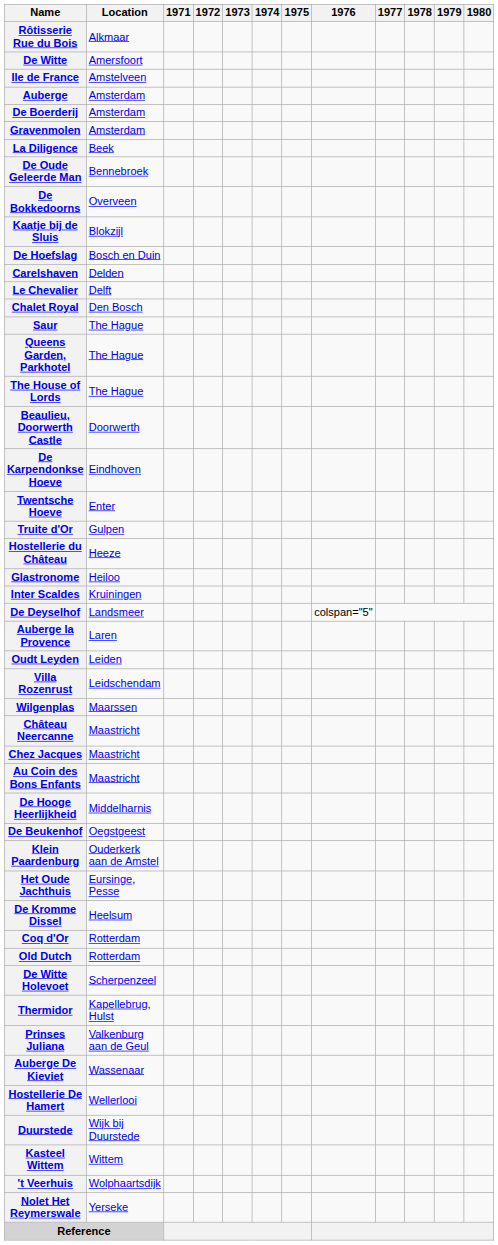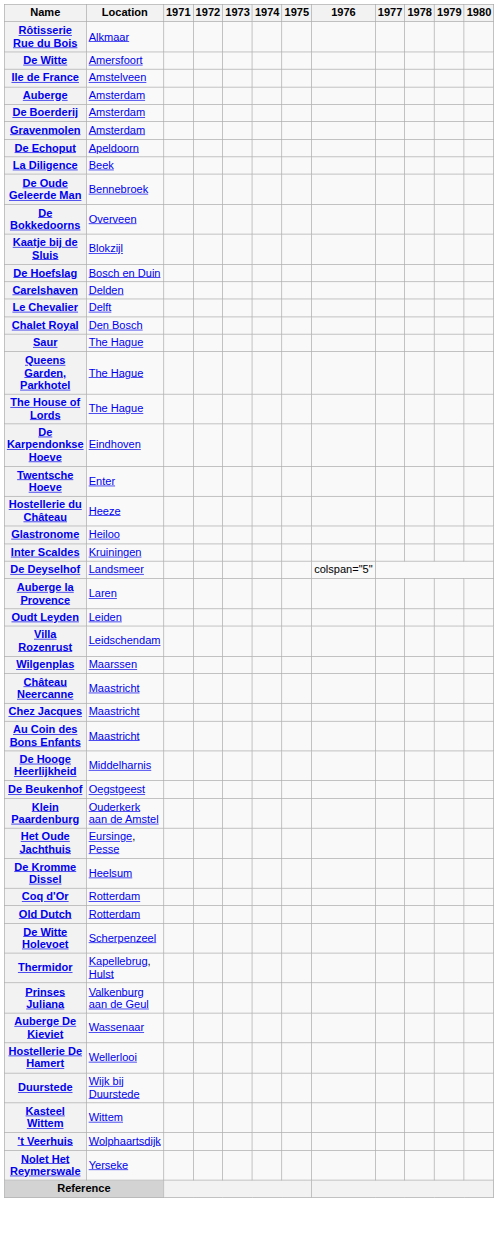 <table class="wikitable sortable plainrowheaders" style="text-align:left;"">
 <tr>
 <th scope="col">Name</th>
 <th scope="col">Location</th>
 <th scope="col">1971</th>
 <th scope="col">1972</th>
 <th scope="col">1973</th>
 <th scope="col">1974</th>
 <th scope="col">1975</th>
 <th scope="col">1976</th>
 <th scope="col">1977</th>
 <th scope="col">1978</th>
 <th scope="col">1979</th>
 <th scope="col">1980</th>
 </tr>
 <tr>
 <th scope="row"><a href='#'>Rôtisserie Rue du Bois</a></th>
 <td><a href='#'>Alkmaar</a></td>
 <td></td>
 <td></td>
 <td></td>
 <td></td>
 <td></td>
 <td></td>
 <td></td>
 <td></td>
 <td></td>
 <td></td>
 </tr>
 <tr>
 <th scope="row"><a href='#'>De Witte</a></th>
 <td><a href='#'>Amersfoort</a></td>
 <td></td>
 <td></td>
 <td></td>
 <td></td>
 <td></td>
 <td></td>
 <td></td>
 <td></td>
 <td></td>
 <td></td>
 </tr>
 <tr>
 <th scope="row"><a href='#'>Ile de France</a></th>
 <td><a href='#'>Amstelveen</a></td>
 <td></td>
 <td></td>
 <td></td>
 <td></td>
 <td></td>
 <td></td>
 <td></td>
 <td></td>
 <td></td>
 <td></td>
 </tr>
 <tr>
 <th scope="row"><a href='#'>Auberge</a></th>
 <td><a href='#'>Amsterdam</a></td>
 <td></td>
 <td></td>
 <td></td>
 <td></td>
 <td></td>
 <td></td>
 <td></td>
 <td></td>
 <td></td>
 <td></td>
 </tr>
 <tr>
 <th scope="row"><a href='#'>De Boerderij</a></th>
 <td><a href='#'>Amsterdam</a></td>
 <td></td>
 <td></td>
 <td></td>
 <td></td>
 <td></td>
 <td></td>
 <td></td>
 <td></td>
 <td></td>
 <td></td>
 </tr>
 <tr>
 <th scope="row"><a href='#'>Gravenmolen</a></th>
 <td><a href='#'>Amsterdam</a></td>
+<td></td>
+<td></td>
+<td></td>
+<td></td>
+<td></td>
+<td></td>
+<td></td>
+<td></td>
+<td></td>
+<td></td>
+</tr>
+<tr>
+<th scope="row"><a href='#'>De Echoput</a></th>
+<td><a href='#'>Apeldoorn</a></td>
 <td></td>
 <td></td>
 <td></td>
 <td></td>
 <td></td>
 <td></td>
 <td></td>
 <td></td>
 <td></td>
 <td></td>
 </tr>
 <tr>
 <th scope="row"><a href='#'>La Diligence</a></th>
 <td><a href='#'>Beek</a></td>
 <td></td>
 <td></td>
 <td></td>
 <td></td>
 <td></td>
 <td></td>
 <td></td>
 <td></td>
 <td></td>
 <td></td>
 </tr>
 <tr>
 <th scope="row"><a href='#'>De Oude Geleerde Man</a></th>
 <td><a href='#'>Bennebroek</a></td>
 <td></td>
 <td></td>
 <td></td>
 <td></td>
 <td></td>
 <td></td>
 <td></td>
 <td></td>
 <td></td>
 <td></td>
 </tr>
 <tr>
 <th scope="row"><a href='#'>De Bokkedoorns</a></th>
 <td><a href='#'>Overveen</a></td>
 <td></td>
 <td></td>
 <td></td>
 <td></td>
 <td></td>
 <td></td>
 <td></td>
 <td></td>
 <td></td>
 <td></td>
 </tr>
 <tr>
 <th scope="row"><a href='#'>Kaatje bij de Sluis</a></th>
 <td><a href='#'>Blokzijl</a></td>
 <td></td>
 <td></td>
 <td></td>
 <td></td>
 <td></td>
 <td></td>
 <td></td>
 <td></td>
 <td></td>
 <td></td>
 </tr>
 <tr>
 <th scope="row"><a href='#'>De Hoefslag</a></th>
 <td><a href='#'>Bosch en Duin</a></td>
 <td></td>
 <td></td>
 <td></td>
 <td></td>
 <td></td>
 <td></td>
 <td></td>
 <td></td>
 <td></td>
 <td></td>
 </tr>
 <tr>
 <th scope="row"><a href='#'>Carelshaven</a></th>
 <td><a href='#'>Delden</a></td>
 <td></td>
 <td></td>
 <td></td>
 <td></td>
 <td></td>
 <td></td>
 <td></td>
 <td></td>
 <td></td>
 <td></td>
 </tr>
 <tr>
 <th scope="row"><a href='#'>Le Chevalier</a></th>
 <td><a href='#'>Delft</a></td>
 <td></td>
 <td></td>
 <td></td>
 <td></td>
 <td></td>
 <td></td>
 <td></td>
 <td></td>
 <td></td>
 <td></td>
 </tr>
 <tr>
 <th scope="row"><a href='#'>Chalet Royal</a></th>
 <td><a href='#'>Den Bosch</a></td>
 <td></td>
 <td></td>
 <td></td>
 <td></td>
 <td></td>
 <td></td>
 <td></td>
 <td></td>
 <td></td>
 <td></td>
 </tr>
 <tr>
 <th scope="row"><a href='#'>Saur</a></th>
 <td><a href='#'>The Hague</a></td>
 <td></td>
 <td></td>
 <td></td>
 <td></td>
 <td></td>
 <td></td>
 <td></td>
 <td></td>
 <td></td>
 <td></td>
 </tr>
 <tr>
 <th scope="row"><a href='#'>Queens Garden, Parkhotel</a></th>
 <td><a href='#'>The Hague</a></td>
 <td></td>
 <td></td>
 <td></td>
 <td></td>
 <td></td>
 <td></td>
 <td></td>
 <td></td>
 <td></td>
 <td></td>
 </tr>
 <tr>
 <th scope="row"><a href='#'>The House of Lords</a></th>
 <td><a href='#'>The Hague</a></td>
 <td></td>
 <td></td>
 <td></td>
 <td></td>
 <td></td>
 <td></td>
 <td></td>
 <td></td>
 <td></td>
 <td></td>
 </tr>
 <tr>
-<th scope="row"><a href='#'>Beaulieu, Doorwerth Castle</a></th>
-<td><a href='#'>Doorwerth</a></td>
-<td></td>
-<td></td>
-<td></td>
-<td></td>
-<td></td>
-<td></td>
-<td></td>
-<td></td>
-<td></td>
-<td></td>
-</tr>
-<tr>
 <th scope="row"><a href='#'>De Karpendonkse Hoeve</a></th>
 <td><a href='#'>Eindhoven</a></td>
 <td></td>
 <td></td>
 <td></td>
 <td></td>
 <td></td>
 <td></td>
 <td></td>
 <td></td>
 <td></td>
 <td></td>
 </tr>
 <tr>
 <th scope="row"><a href='#'>Twentsche Hoeve</a></th>
 <td><a href='#'>Enter</a></td>
-<td></td>
-<td></td>
-<td></td>
-<td></td>
-<td></td>
-<td></td>
-<td></td>
-<td></td>
-<td></td>
-<td></td>
-</tr>
-<tr>
-<th scope="row"><a href='#'>Truite d'Or</a></th>
-<td><a href='#'>Gulpen</a></td>
 <td></td>
 <td></td>
 <td></td>
 <td></td>
 <td></td>
 <td></td>
 <td></td>
 <td></td>
 <td></td>
 <td></td>
 </tr>
 <tr>
 <th scope="row"><a href='#'>Hostellerie du Château</a></th>
 <td><a href='#'>Heeze</a></td>
 <td></td>
 <td></td>
 <td></td>
 <td></td>
 <td></td>
 <td></td>
 <td></td>
 <td></td>
 <td></td>
 <td></td>
 </tr>
 <tr>
 <th scope="row"><a href='#'>Glastronome</a></th>
 <td><a href='#'>Heiloo</a></td>
 <td></td>
 <td></td>
 <td></td>
 <td></td>
 <td></td>
 <td></td>
 <td></td>
 <td></td>
 <td></td>
 <td></td>
 </tr>
 <tr>
 <th scope="row"><a href='#'>Inter Scaldes</a></th>
 <td><a href='#'>Kruiningen</a></td>
 <td></td>
 <td></td>
 <td></td>
 <td></td>
 <td></td>
 <td></td>
 <td></td>
 <td></td>
 <td></td>
 <td></td>
 </tr>
 <tr>
 <th scope="row"><a href='#'>De Deyselhof</a></th>
 <td><a href='#'>Landsmeer</a></td>
 <td></td>
 <td></td>
 <td></td>
 <td></td>
 <td></td>
 <td>colspan="5" </td>
 </tr>
 <tr>
 <th scope="row"><a href='#'>Auberge la Provence</a></th>
 <td><a href='#'>Laren</a></td>
 <td></td>
 <td></td>
 <td></td>
 <td></td>
 <td></td>
 <td></td>
 <td></td>
 <td></td>
 <td></td>
 <td></td>
 </tr>
 <tr>
 <th scope="row"><a href='#'>Oudt Leyden</a></th>
 <td><a href='#'>Leiden</a></td>
 <td></td>
 <td></td>
 <td></td>
 <td></td>
 <td></td>
 <td></td>
 <td></td>
 <td></td>
 <td></td>
 <td></td>
 </tr>
 <tr>
 <th scope="row"><a href='#'>Villa Rozenrust</a></th>
 <td><a href='#'>Leidschendam</a></td>
 <td></td>
 <td></td>
 <td></td>
 <td></td>
 <td></td>
 <td></td>
 <td></td>
 <td></td>
 <td></td>
 <td></td>
 </tr>
 <tr>
 <th scope="row"><a href='#'>Wilgenplas</a></th>
 <td><a href='#'>Maarssen</a></td>
 <td></td>
 <td></td>
 <td></td>
 <td></td>
 <td></td>
 <td></td>
 <td></td>
 <td></td>
 <td></td>
 <td></td>
 </tr>
 <tr>
 <th scope="row"><a href='#'>Château Neercanne</a></th>
 <td><a href='#'>Maastricht</a></td>
 <td></td>
 <td></td>
 <td></td>
 <td></td>
 <td></td>
 <td></td>
 <td></td>
 <td></td>
 <td></td>
 <td></td>
 </tr>
 <tr>
 <th scope="row"><a href='#'>Chez Jacques</a></th>
 <td><a href='#'>Maastricht</a></td>
 <td></td>
 <td></td>
 <td></td>
 <td></td>
 <td></td>
 <td></td>
 <td></td>
 <td></td>
 <td></td>
 <td></td>
 </tr>
 <tr>
 <th scope="row"><a href='#'>Au Coin des Bons Enfants</a></th>
 <td><a href='#'>Maastricht</a></td>
 <td></td>
 <td></td>
 <td></td>
 <td></td>
 <td></td>
 <td></td>
 <td></td>
 <td></td>
 <td></td>
 <td></td>
 </tr>
 <tr>
 <th scope="row"><a href='#'>De Hooge Heerlijkheid</a></th>
 <td><a href='#'>Middelharnis</a></td>
 <td></td>
 <td></td>
 <td></td>
 <td></td>
 <td></td>
 <td></td>
 <td></td>
 <td></td>
 <td></td>
 <td></td>
 </tr>
 <tr>
 <th scope="row"><a href='#'>De Beukenhof</a></th>
 <td><a href='#'>Oegstgeest</a></td>
 <td></td>
 <td></td>
 <td></td>
 <td></td>
 <td></td>
 <td></td>
 <td></td>
 <td></td>
 <td></td>
 <td></td>
 </tr>
 <tr>
 <th scope="row"><a href='#'>Klein Paardenburg</a></th>
 <td><a href='#'>Ouderkerk aan de Amstel</a></td>
 <td></td>
 <td></td>
 <td></td>
 <td></td>
 <td></td>
 <td></td>
 <td></td>
 <td></td>
 <td></td>
 <td></td>
 </tr>
 <tr>
 <th scope="row"><a href='#'>Het Oude Jachthuis</a></th>
 <td><a href='#'>Eursinge</a>, <a href='#'>Pesse</a></td>
 <td></td>
 <td></td>
 <td></td>
 <td></td>
 <td></td>
 <td></td>
 <td></td>
 <td></td>
 <td></td>
 <td></td>
 </tr>
 <tr>
 <th scope="row"><a href='#'>De Kromme Dissel</a></th>
 <td><a href='#'>Heelsum</a></td>
 <td></td>
 <td></td>
 <td></td>
 <td></td>
 <td></td>
 <td></td>
 <td></td>
 <td></td>
 <td></td>
 <td></td>
 </tr>
 <tr>
 <th scope="row"><a href='#'>Coq d'Or</a></th>
 <td><a href='#'>Rotterdam</a></td>
 <td></td>
 <td></td>
 <td></td>
 <td></td>
 <td></td>
 <td></td>
 <td></td>
 <td></td>
 <td></td>
 <td></td>
 </tr>
 <tr>
 <th scope="row"><a href='#'>Old Dutch</a></th>
 <td><a href='#'>Rotterdam</a></td>
 <td></td>
 <td></td>
 <td></td>
 <td></td>
 <td></td>
 <td></td>
 <td></td>
 <td></td>
 <td></td>
 <td></td>
 </tr>
 <tr>
 <th scope="row"><a href='#'>De Witte Holevoet</a></th>
 <td><a href='#'>Scherpenzeel</a></td>
 <td></td>
 <td></td>
 <td></td>
 <td></td>
 <td></td>
 <td></td>
 <td></td>
 <td></td>
 <td></td>
 <td></td>
 </tr>
 <tr>
 <th scope="row"><a href='#'>Thermidor</a></th>
 <td><a href='#'>Kapellebrug</a>, <a href='#'>Hulst</a></td>
 <td></td>
 <td></td>
 <td></td>
 <td></td>
 <td></td>
 <td></td>
 <td></td>
 <td></td>
 <td></td>
 <td></td>
 </tr>
 <tr>
 <th scope="row"><a href='#'>Prinses Juliana</a></th>
 <td><a href='#'>Valkenburg aan de Geul</a></td>
 <td></td>
 <td></td>
 <td></td>
 <td></td>
 <td></td>
 <td></td>
 <td></td>
 <td></td>
 <td></td>
 <td></td>
 </tr>
 <tr>
 <th scope="row"><a href='#'>Auberge De Kieviet</a></th>
 <td><a href='#'>Wassenaar</a></td>
 <td></td>
 <td></td>
 <td></td>
 <td></td>
 <td></td>
 <td></td>
 <td></td>
 <td></td>
 <td></td>
 <td></td>
 </tr>
 <tr>
 <th scope="row"><a href='#'>Hostellerie De Hamert</a></th>
 <td><a href='#'>Wellerlooi</a></td>
 <td></td>
 <td></td>
 <td></td>
 <td></td>
 <td></td>
 <td></td>
 <td></td>
 <td></td>
 <td></td>
 <td></td>
 </tr>
 <tr>
 <th scope="row"><a href='#'>Duurstede</a></th>
 <td><a href='#'>Wijk bij Duurstede</a></td>
 <td></td>
 <td></td>
 <td></td>
 <td></td>
 <td></td>
 <td></td>
 <td></td>
 <td></td>
 <td></td>
 <td></td>
 </tr>
 <tr>
 <th scope="row"><a href='#'>Kasteel Wittem</a></th>
 <td><a href='#'>Wittem</a></td>
 <td></td>
 <td></td>
 <td></td>
 <td></td>
 <td></td>
 <td></td>
 <td></td>
 <td></td>
 <td></td>
 <td></td>
 </tr>
 <tr>
 <th scope="row"><a href='#'>'t Veerhuis</a></th>
 <td><a href='#'>Wolphaartsdijk</a></td>
 <td></td>
 <td></td>
 <td></td>
 <td></td>
 <td></td>
 <td></td>
 <td></td>
 <td></td>
 <td></td>
 <td></td>
 </tr>
 <tr>
 <th scope="row"><a href='#'>Nolet Het Reymerswale</a></th>
 <td><a href='#'>Yerseke</a></td>
 <td></td>
 <td></td>
 <td></td>
 <td></td>
 <td></td>
 <td></td>
 <td></td>
 <td></td>
 <td></td>
 <td></td>
 </tr>
 <tr>
 <th colspan="2" style="text-align: center;background: lightgray;">Reference</th>
 <th colspan="5"></th>
 <th colspan="5"></th>
 </tr>
 </table>
